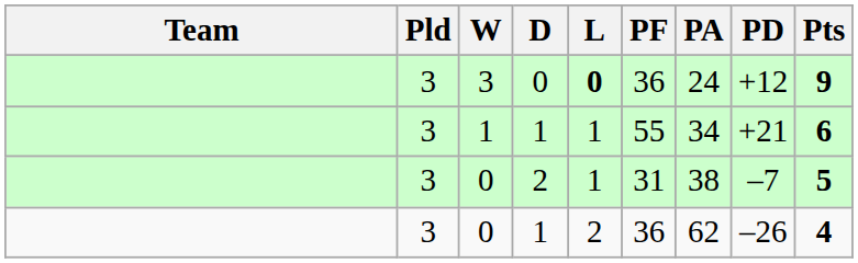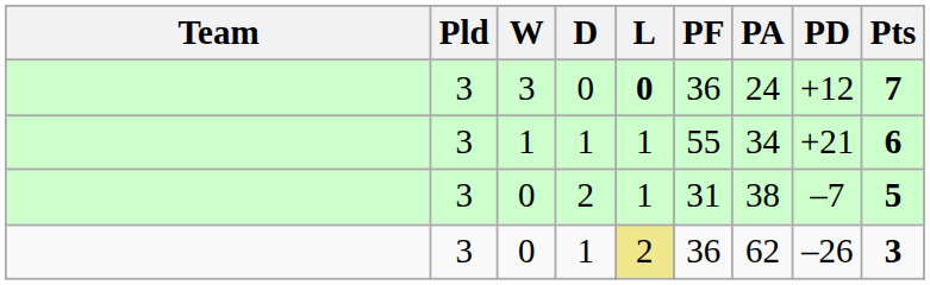 <table class="wikitable" style="text-align:center;">
 <tr>
 <th width="190">Team</th>
 <th width="20" abbr="Played">Pld</th>
 <th width="20" abbr="Won">W</th>
 <th width="20" abbr="Drawn">D</th>
 <th width="20" abbr="Lost">L</th>
 <th width="20" abbr="Points for">PF</th>
 <th width="20" abbr="Points against">PA</th>
 <th width="25" abbr="Points difference">PD</th>
 <th width="20" abbr="Points">Pts</th>
 </tr>
 <tr style="background:#ccffcc">
 <td align="left"></td>
 <td>3</td>
 <td>3</td>
 <td>0</td>
 <td><strong>0</strong></td>
 <td>36</td>
 <td>24</td>
 <td>+12</td>
-<td><strong>9</strong></td>
+<td><strong>7</strong></td>
 </tr>
 <tr style="background:#ccffcc">
 <td align="left"></td>
 <td>3</td>
 <td>1</td>
 <td>1</td>
 <td>1</td>
 <td>55</td>
 <td>34</td>
 <td>+21</td>
 <td><strong>6</strong></td>
 </tr>
 <tr style="background:#ccffcc">
 <td align="left"></td>
 <td>3</td>
 <td>0</td>
 <td>2</td>
 <td>1</td>
 <td>31</td>
 <td>38</td>
 <td>–7</td>
 <td><strong>5</strong></td>
 </tr>
 <tr>
 <td align="left"></td>
 <td>3</td>
 <td>0</td>
 <td>1</td>
-<td>2</td>
+<td style="background: khaki;">2</td>
 <td>36</td>
 <td>62</td>
 <td>–26</td>
-<td><strong>4</strong></td>
+<td><strong>3</strong></td>
 </tr>
 </table>
